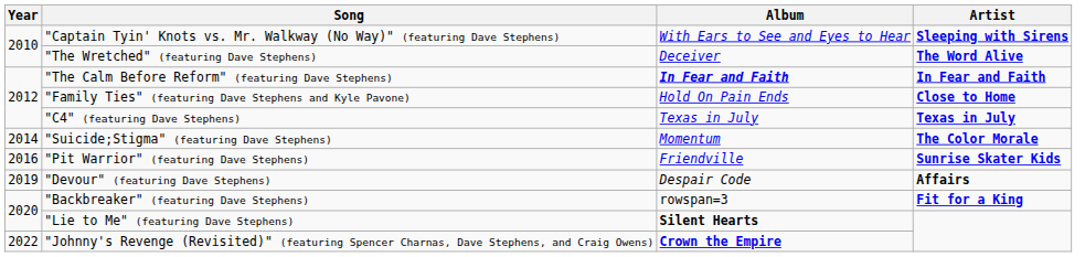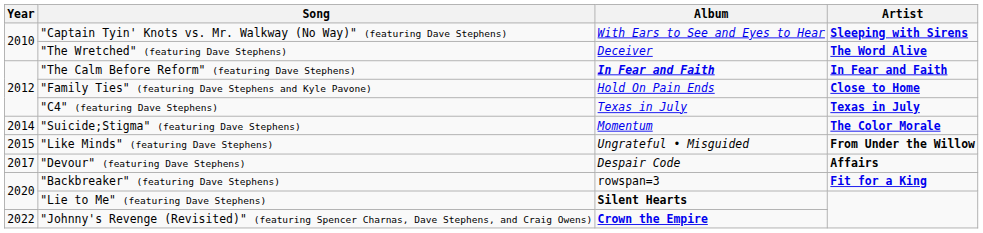 <table class="wikitable">
 <tr>
 <th>Year</th>
 <th>Song</th>
 <th>Album</th>
 <th>Artist</th>
 </tr>
 <tr>
 <td rowspan=2>2010</td>
 <td>"Captain Tyin' Knots vs. Mr. Walkway (No Way)" <small>(featuring Dave Stephens)</small></td>
 <td><em><a href='#'>With Ears to See and Eyes to Hear</a></em></td>
 <td><strong><a href='#'>Sleeping with Sirens</a></strong></td>
 </tr>
 <tr>
 <td>"The Wretched" <small>(featuring Dave Stephens)</small></td>
 <td><em><a href='#'>Deceiver</a></em></td>
 <td><strong><a href='#'>The Word Alive</a></strong></td>
 </tr>
 <tr>
 <td rowspan=3>2012</td>
 <td>"The Calm Before Reform" <small>(featuring Dave Stephens)</small></td>
 <td><strong><em><a href='#'>In Fear and Faith</a></em></strong></td>
 <td><strong><a href='#'>In Fear and Faith</a></strong></td>
 </tr>
 <tr>
 <td>"Family Ties" <small>(featuring Dave Stephens and Kyle Pavone)</small></td>
 <td><em><a href='#'>Hold On Pain Ends</a></em></td>
 <td><strong><a href='#'>Close to Home</a></strong></td>
 </tr>
 <tr>
 <td>"C4" <small>(featuring Dave Stephens)</small></td>
 <td><em><a href='#'>Texas in July</a></em></td>
 <td><strong><a href='#'>Texas in July</a></strong></td>
 </tr>
 <tr>
 <td>2014</td>
 <td>"Suicide;Stigma" <small>(featuring Dave Stephens)</small></td>
 <td><em><a href='#'>Momentum</a></em></td>
 <td><strong><a href='#'>The Color Morale</a></strong></td>
 </tr>
 <tr>
-<td>2016</td>
-<td>"Pit Warrior" <small>(featuring Dave Stephens)</small></td>
-<td><em><a href='#'>Friendville</a></em></td>
-<td><strong><a href='#'>Sunrise Skater Kids</a></strong></td>
+<td>2015</td>
+<td>"Like Minds" <small>(featuring Dave Stephens)</small></td>
+<td><em>Ungrateful • Misguided </em></td>
+<td><strong>From Under the Willow</strong></td>
 </tr>
 <tr>
-<td>2019</td>
+<td>2017</td>
 <td>"Devour" <small>(featuring Dave Stephens)</small></td>
 <td><em>Despair Code</em></td>
 <td><strong>Affairs</strong></td>
 </tr>
 <tr>
 <td rowspan=2>2020</td>
 <td>"Backbreaker" <small>(featuring Dave Stephens)</small></td>
 <td>rowspan=3 </td>
 <td><strong><a href='#'>Fit for a King</a></strong></td>
 </tr>
 <tr>
 <td>"Lie to Me" <small>(featuring Dave Stephens)</small></td>
 <td><strong>Silent Hearts</strong></td>
 </tr>
 <tr>
 <td>2022</td>
 <td>"Johnny's Revenge (Revisited)" <small>(featuring Spencer Charnas, Dave Stephens, and Craig Owens)</small></td>
 <td><strong><a href='#'>Crown the Empire</a></strong></td>
 </tr>
 </table>
